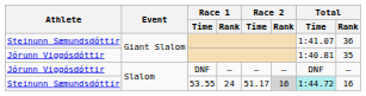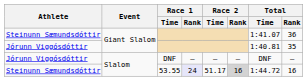 <table class="wikitable" style="font-size:90%">
 <tr>
 <th rowspan="2">Athlete</th>
 <th rowspan="2">Event</th>
 <th colspan="2">Race 1</th>
 <th colspan="2">Race 2</th>
 <th colspan="2">Total</th>
 </tr>
 <tr>
 <th>Time</th>
 <th>Rank</th>
 <th>Time</th>
 <th>Rank</th>
 <th>Time</th>
 <th>Rank</th>
 </tr>
 <tr>
 <td><a href='#'>Steinunn Sæmundsdóttir</a></td>
 <td rowspan="2">Giant Slalom</td>
 <td colspan="4" bgcolor="wheat"></td>
 <td align="center">1:41.07</td>
 <td align="center">36</td>
 </tr>
 <tr>
 <td><a href='#'>Jórunn Viggósdóttir</a></td>
 <td colspan="4" bgcolor="wheat"></td>
 <td align="center">1:40.81</td>
 <td align="center">35</td>
 </tr>
 <tr>
 <td><a href='#'>Jórunn Viggósdóttir</a></td>
 <td rowspan="2">Slalom</td>
 <td align="center">DNF</td>
 <td align="center">–</td>
 <td align="center">–</td>
 <td align="center">–</td>
 <td align="center">DNF</td>
 <td align="center">–</td>
 </tr>
 <tr>
 <td><a href='#'>Steinunn Sæmundsdóttir</a></td>
 <td align="center">53.55</td>
-<td align="center">24</td>
+<td align="center" style="background: lavender;">24</td>
 <td align="center">51.17</td>
 <td align="center" style="background: lightgrey;">16</td>
-<td align="center" style="background: paleturquoise;">1:44.72</td>
+<td align="center">1:44.72</td>
 <td align="center">16</td>
 </tr>
 </table>
